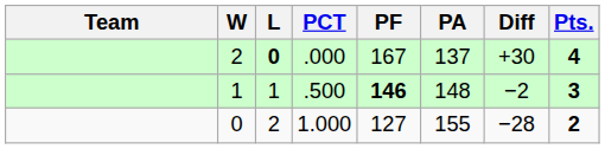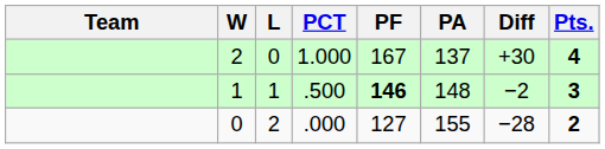 <table class=wikitable>
 <tr align=center>
 <th width=150px>Team</th>
 <th width=20px>W</th>
 <th width=20px>L</th>
 <th><a href='#'>PCT</a></th>
 <th width=40px>PF</th>
 <th width=40px>PA</th>
 <th width=40px>Diff</th>
 <th width=30px><a href='#'>Pts.</a></th>
 </tr>
 <tr align=center |- bgcolor=#ccffcc>
 <td align=left></td>
 <td>2</td>
-<td><strong>0</strong></td>
-<td>.000</td>
+<td>0</td>
+<td>1.000</td>
 <td>167</td>
 <td>137</td>
 <td>+30</td>
 <td><strong>4</strong></td>
 </tr>
 <tr align=center |- bgcolor=#ccffcc>
 <td align=left></td>
 <td>1</td>
 <td>1</td>
 <td>.500</td>
 <td><strong>146</strong></td>
 <td>148</td>
 <td>−2</td>
 <td><strong>3</strong></td>
 </tr>
 <tr align=center>
 <td align=left></td>
 <td>0</td>
 <td>2</td>
-<td>1.000</td>
+<td>.000</td>
 <td>127</td>
 <td>155</td>
 <td>−28</td>
 <td><strong>2</strong></td>
 </tr>
 </table>
